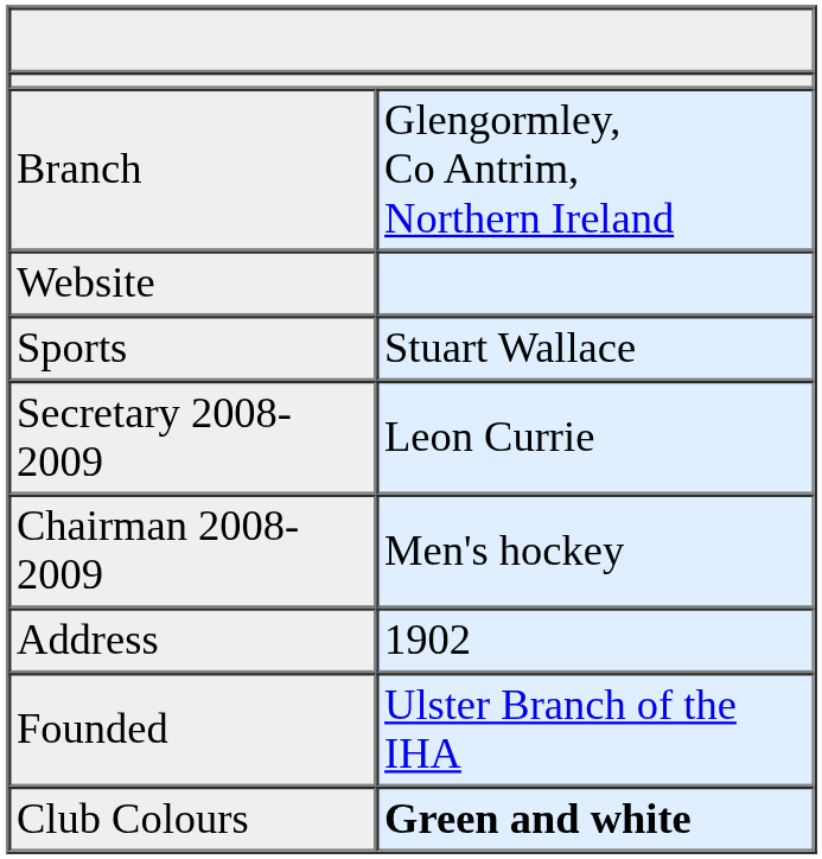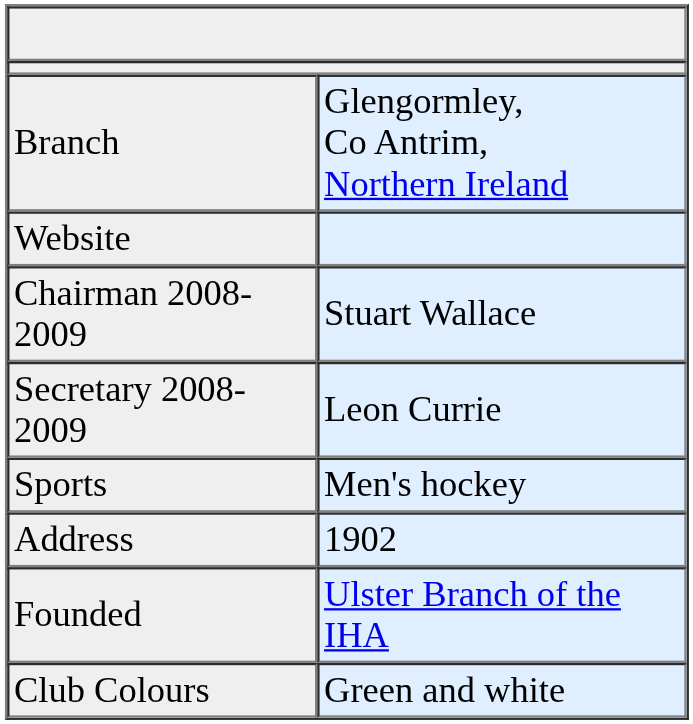 <table border="1" cellpadding="2" cellspacing="0" align="right" width="300px">
 <tr ---->
 <td bgcolor="#efefef" align="center" colspan="2"><br><em></em></td>
 </tr>
 <tr ---->
 <td bgcolor="#efefef" align="center" colspan="2"></td>
 </tr>
 <tr ---->
 <td bgcolor="#efefef">Branch</td>
 <td bgcolor="#dfefff">Glengormley,<br>Co Antrim,<br><a href='#'>Northern Ireland</a></td>
 </tr>
 <tr ---->
 <td bgcolor="#efefef">Website</td>
 <td bgcolor="#dfefff"></td>
 </tr>
 <tr ---->
-<td bgcolor="#efefef">Sports</td>
+<td bgcolor="#efefef">Chairman 2008-2009</td>
 <td bgcolor="#dfefff">Stuart Wallace</td>
 </tr>
 <tr ---->
 <td bgcolor="#efefef">Secretary 2008-2009</td>
 <td bgcolor="#dfefff">Leon Currie</td>
 </tr>
 <tr ---->
-<td bgcolor="#efefef">Chairman 2008-2009</td>
+<td bgcolor="#efefef">Sports</td>
 <td bgcolor="#dfefff">Men's hockey</td>
 </tr>
 <tr ---->
 <td bgcolor="#efefef">Address</td>
 <td bgcolor="#dfefff">1902</td>
 </tr>
 <tr ---->
 <td bgcolor="#efefef">Founded</td>
 <td bgcolor="#dfefff"><a href='#'>Ulster Branch of the IHA</a></td>
 </tr>
 <tr ---->
 <td bgcolor="#efefef">Club Colours</td>
-<td bgcolor="#dfefff"><strong>Green and white</strong></td>
+<td bgcolor="#dfefff">Green and white</td>
 </tr>
 </table>
